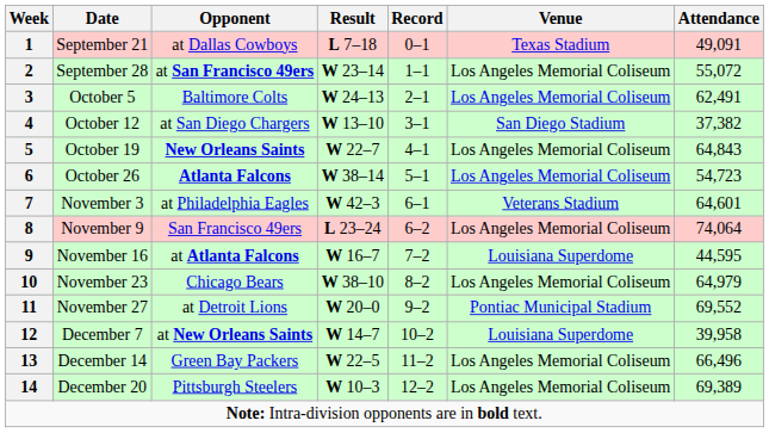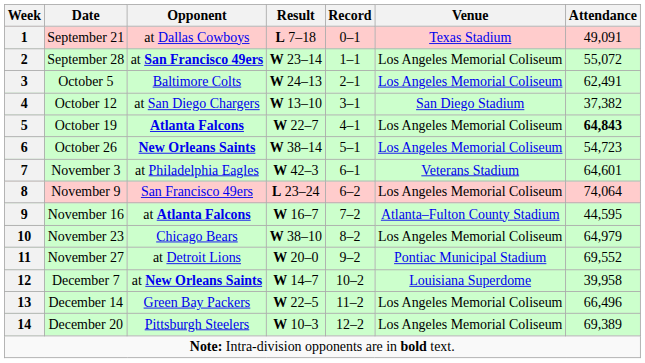 <table class="wikitable" style="text-align:center">
 <tr>
 <th>Week</th>
 <th>Date</th>
 <th>Opponent</th>
 <th>Result</th>
 <th>Record</th>
 <th>Venue</th>
 <th>Attendance</th>
 </tr>
 <tr style="background:#fcc">
 <th>1</th>
 <td>September 21</td>
 <td>at <a href='#'>Dallas Cowboys</a></td>
 <td><strong>L</strong> 7–18</td>
 <td>0–1</td>
 <td><a href='#'>Texas Stadium</a></td>
 <td>49,091</td>
 </tr>
 <tr style="background:#cfc">
 <th>2</th>
 <td>September 28</td>
 <td>at <strong><a href='#'>San Francisco 49ers</a></strong></td>
 <td><strong>W</strong> 23–14</td>
 <td>1–1</td>
 <td>Los Angeles Memorial Coliseum</td>
 <td>55,072</td>
 </tr>
 <tr style="background:#cfc">
 <th>3</th>
 <td>October 5</td>
 <td><a href='#'>Baltimore Colts</a></td>
 <td><strong>W</strong> 24–13</td>
 <td>2–1</td>
 <td><a href='#'>Los Angeles Memorial Coliseum</a></td>
 <td>62,491</td>
 </tr>
 <tr style="background:#cfc">
 <th>4</th>
 <td>October 12</td>
 <td>at <a href='#'>San Diego Chargers</a></td>
 <td><strong>W</strong> 13–10</td>
 <td>3–1</td>
 <td><a href='#'>San Diego Stadium</a></td>
 <td>37,382</td>
 </tr>
 <tr style="background:#cfc">
 <th>5</th>
 <td>October 19</td>
-<td><strong><a href='#'>New Orleans Saints</a></strong></td>
+<td><strong><a href='#'>Atlanta Falcons</a></strong></td>
 <td><strong>W</strong> 22–7</td>
 <td>4–1</td>
 <td>Los Angeles Memorial Coliseum</td>
-<td>64,843</td>
+<td><strong>64,843</strong></td>
 </tr>
 <tr style="background:#cfc">
 <th>6</th>
 <td>October 26</td>
-<td><strong><a href='#'>Atlanta Falcons</a></strong></td>
+<td><strong><a href='#'>New Orleans Saints</a></strong></td>
 <td><strong>W</strong> 38–14</td>
 <td>5–1</td>
 <td><a href='#'>Los Angeles Memorial Coliseum</a></td>
 <td>54,723</td>
 </tr>
 <tr style="background:#cfc">
 <th>7</th>
 <td>November 3</td>
 <td>at <a href='#'>Philadelphia Eagles</a></td>
 <td><strong>W</strong> 42–3</td>
 <td>6–1</td>
 <td><a href='#'>Veterans Stadium</a></td>
 <td>64,601</td>
 </tr>
 <tr style="background:#fcc">
 <th>8</th>
 <td>November 9</td>
 <td><a href='#'>San Francisco 49ers</a></td>
 <td><strong>L</strong> 23–24</td>
 <td>6–2</td>
 <td>Los Angeles Memorial Coliseum</td>
 <td>74,064</td>
 </tr>
 <tr style="background:#cfc">
 <th>9</th>
 <td>November 16</td>
 <td>at <strong><a href='#'>Atlanta Falcons</a></strong></td>
 <td><strong>W</strong> 16–7</td>
 <td>7–2</td>
-<td><a href='#'>Louisiana Superdome</a></td>
+<td><a href='#'>Atlanta–Fulton County Stadium</a></td>
 <td>44,595</td>
 </tr>
 <tr style="background:#cfc">
 <th>10</th>
 <td>November 23</td>
 <td><a href='#'>Chicago Bears</a></td>
 <td><strong>W</strong> 38–10</td>
 <td>8–2</td>
 <td>Los Angeles Memorial Coliseum</td>
 <td>64,979</td>
 </tr>
 <tr style="background:#cfc">
 <th>11</th>
 <td>November 27</td>
 <td>at <a href='#'>Detroit Lions</a></td>
 <td><strong>W</strong> 20–0</td>
 <td>9–2</td>
 <td><a href='#'>Pontiac Municipal Stadium</a></td>
 <td>69,552</td>
 </tr>
 <tr style="background:#cfc">
 <th>12</th>
 <td>December 7</td>
 <td>at <strong><a href='#'>New Orleans Saints</a></strong></td>
 <td><strong>W</strong> 14–7</td>
 <td>10–2</td>
 <td><a href='#'>Louisiana Superdome</a></td>
 <td>39,958</td>
 </tr>
 <tr style="background:#cfc">
 <th>13</th>
 <td>December 14</td>
 <td><a href='#'>Green Bay Packers</a></td>
 <td><strong>W</strong> 22–5</td>
 <td>11–2</td>
 <td>Los Angeles Memorial Coliseum</td>
 <td>66,496</td>
 </tr>
 <tr style="background:#cfc">
 <th>14</th>
 <td>December 20</td>
 <td><a href='#'>Pittsburgh Steelers</a></td>
 <td><strong>W</strong> 10–3</td>
 <td>12–2</td>
 <td>Los Angeles Memorial Coliseum</td>
 <td>69,389</td>
 </tr>
 <tr>
 <td colspan="8"><strong>Note:</strong> Intra-division opponents are in <strong>bold</strong> text.</td>
 </tr>
 </table>
